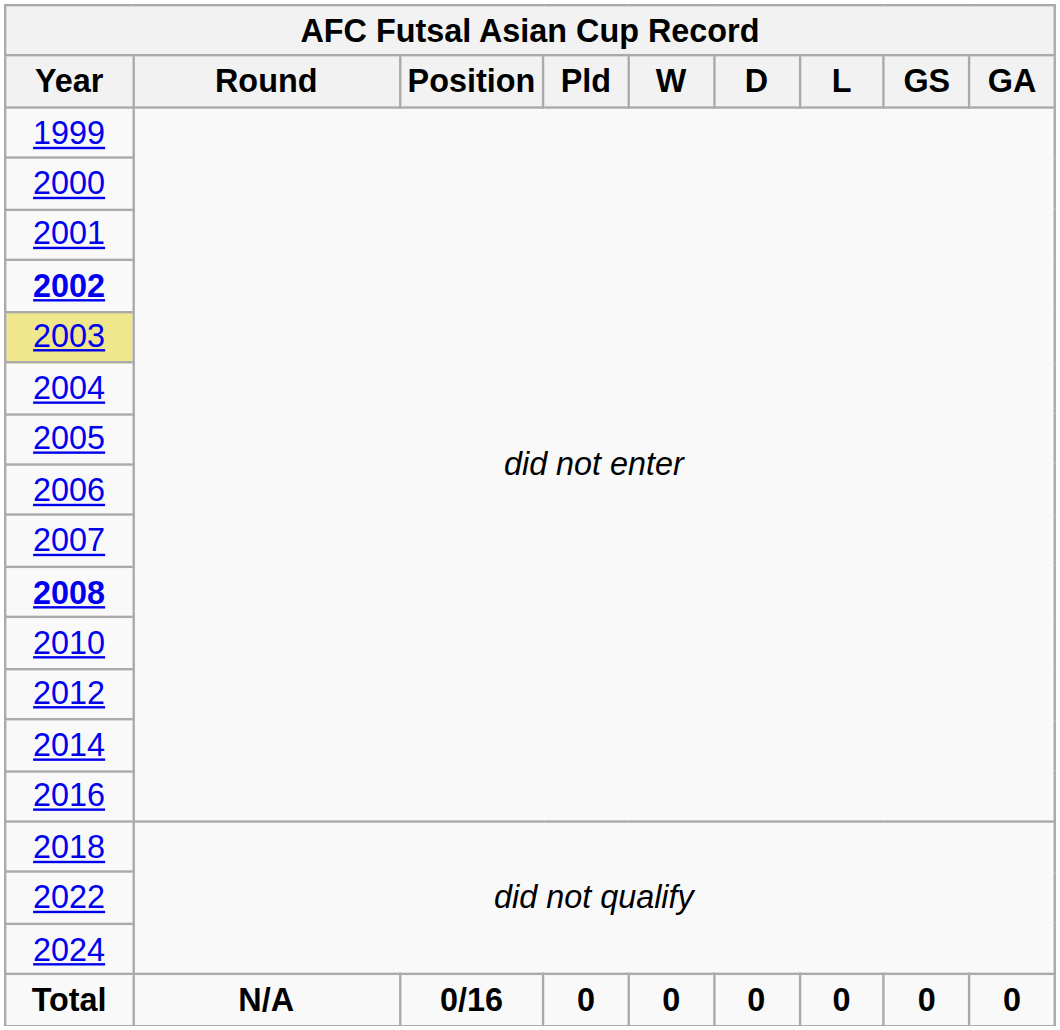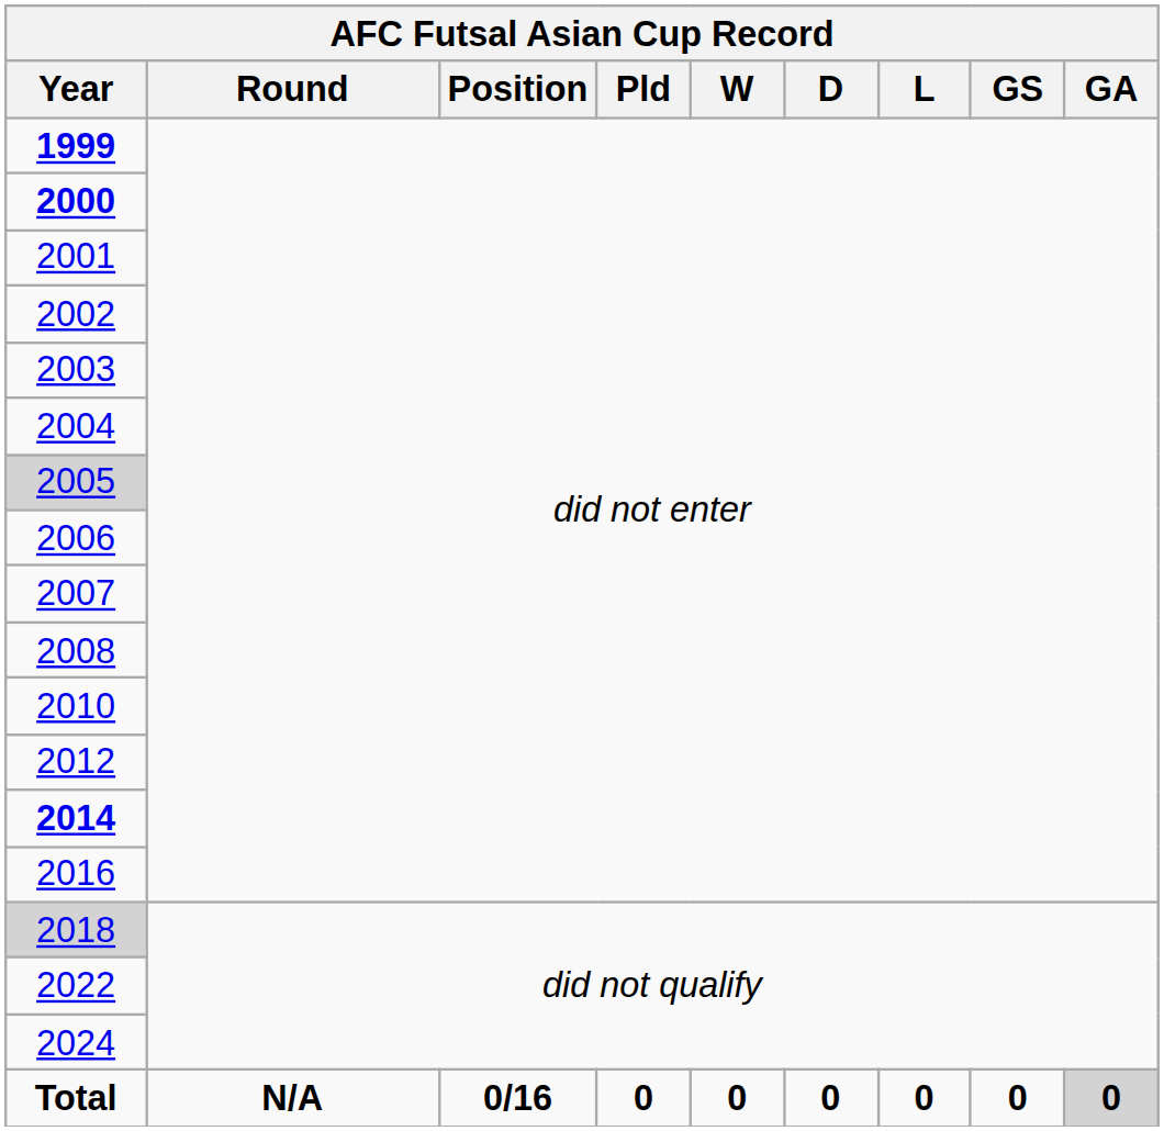 <table class="wikitable" width=50% style="text-align: center;font-size:85%;">
 <tr>
 <th colspan=9>AFC Futsal Asian Cup Record</th>
 </tr>
 <tr>
 <th width=12%>Year</th>
 <th width=25%>Round</th>
 <th width=6%>Position</th>
 <th width=8%>Pld</th>
 <th width=8%>W</th>
 <th width=8%>D</th>
 <th width=8%>L</th>
 <th width=8%>GS</th>
 <th width=8%>GA</th>
 </tr>
 <tr>
-<td> <a href='#'>1999</a></td>
+<td><strong> <a href='#'>1999</a></strong></td>
 <td colspan=10 rowspan=14><em>did not enter</em></td>
 </tr>
 <tr>
-<td> <a href='#'>2000</a></td>
+<td><strong> <a href='#'>2000</a></strong></td>
 </tr>
 <tr>
 <td> <a href='#'>2001</a></td>
 </tr>
 <tr>
-<td><strong> <a href='#'>2002</a></strong></td>
+<td> <a href='#'>2002</a></td>
 </tr>
 <tr>
-<td style="background: khaki;"> <a href='#'>2003</a></td>
+<td> <a href='#'>2003</a></td>
 </tr>
 <tr>
 <td> <a href='#'>2004</a></td>
 </tr>
 <tr>
-<td> <a href='#'>2005</a></td>
+<td style="background: lightgrey;"> <a href='#'>2005</a></td>
 </tr>
 <tr>
 <td> <a href='#'>2006</a></td>
 </tr>
 <tr>
 <td> <a href='#'>2007</a></td>
 </tr>
 <tr>
-<td><strong> <a href='#'>2008</a></strong></td>
+<td> <a href='#'>2008</a></td>
 </tr>
 <tr>
 <td> <a href='#'>2010</a></td>
 </tr>
 <tr>
 <td> <a href='#'>2012</a></td>
 </tr>
 <tr>
-<td> <a href='#'>2014</a></td>
+<td><strong> <a href='#'>2014</a></strong></td>
 </tr>
 <tr>
 <td> <a href='#'>2016</a></td>
 </tr>
 <tr>
-<td> <a href='#'>2018</a></td>
+<td style="background: lightgrey;"> <a href='#'>2018</a></td>
 <td colspan=10 rowspan=3><em>did not qualify</em></td>
 </tr>
 <tr>
 <td> <a href='#'>2022</a></td>
 </tr>
 <tr>
 <td> <a href='#'>2024</a></td>
 </tr>
 <tr>
 <td><strong>Total</strong></td>
 <td><strong>N/A</strong></td>
 <td><strong>0/16</strong></td>
 <td><strong>0</strong></td>
 <td><strong>0</strong></td>
 <td><strong>0</strong></td>
 <td><strong>0</strong></td>
 <td><strong>0</strong></td>
-<td><strong>0</strong></td>
+<td style="background: lightgrey;"><strong>0</strong></td>
 </tr>
 </table>
